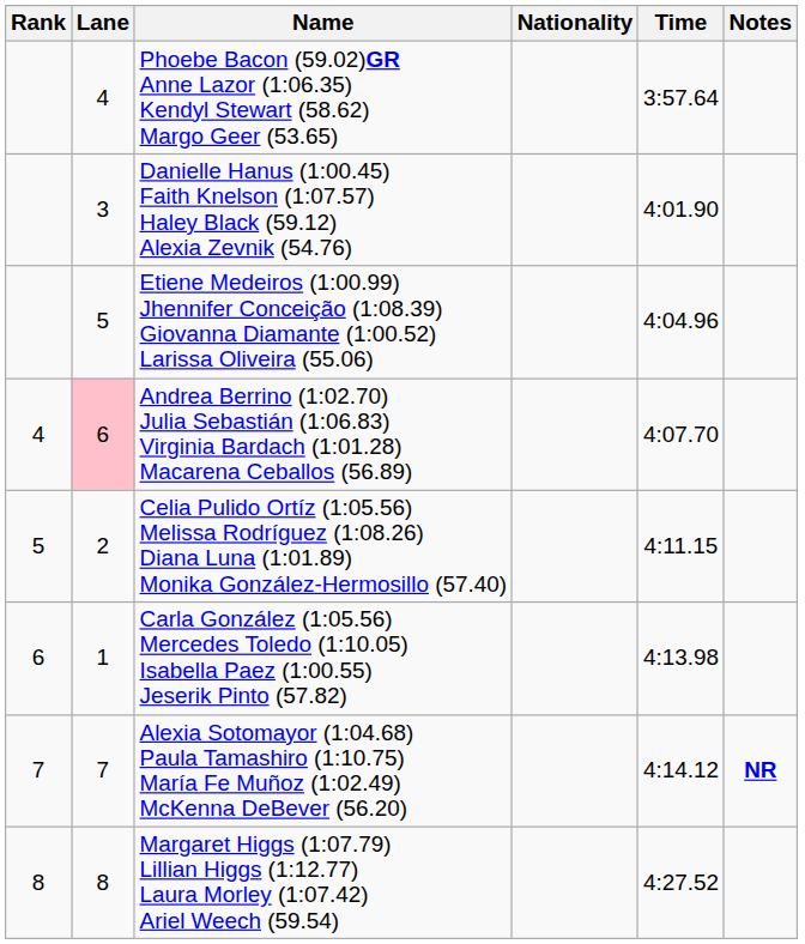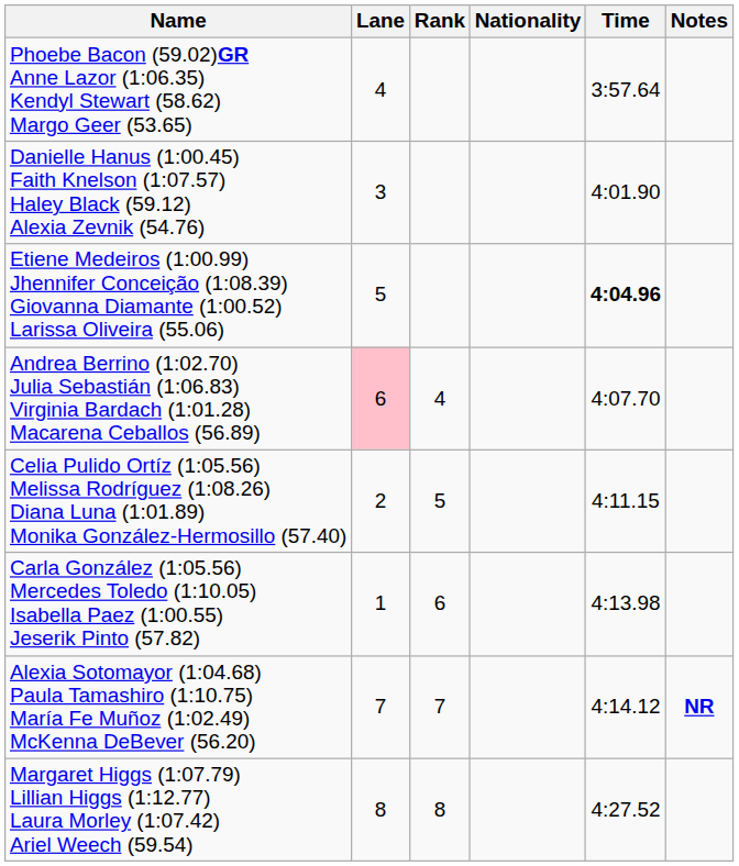 <table class="wikitable sortable" style="text-align:center">
 <tr>
+<th>Name</th>
+<th>Lane</th>
 <th>Rank</th>
-<th>Lane</th>
-<th>Name</th>
 <th>Nationality</th>
 <th>Time</th>
 <th>Notes</th>
 </tr>
 <tr>
+<td align=left><a href='#'>Phoebe Bacon</a> (59.02)<strong><a href='#'>GR</a></strong> <br><a href='#'>Anne Lazor</a> (1:06.35)<br><a href='#'>Kendyl Stewart</a> (58.62)<br><a href='#'>Margo Geer</a> (53.65)</td>
+<td>4</td>
 <td></td>
-<td>4</td>
-<td align=left><a href='#'>Phoebe Bacon</a> (59.02)<strong><a href='#'>GR</a></strong> <br><a href='#'>Anne Lazor</a> (1:06.35)<br><a href='#'>Kendyl Stewart</a> (58.62)<br><a href='#'>Margo Geer</a> (53.65)</td>
 <td align=left></td>
 <td>3:57.64</td>
 <td></td>
 </tr>
 <tr>
+<td align=left><a href='#'>Danielle Hanus</a>  (1:00.45)<br><a href='#'>Faith Knelson</a>  (1:07.57)<br><a href='#'>Haley Black</a>  (59.12)<br><a href='#'>Alexia Zevnik</a>   (54.76)</td>
+<td>3</td>
 <td></td>
-<td>3</td>
-<td align=left><a href='#'>Danielle Hanus</a>  (1:00.45)<br><a href='#'>Faith Knelson</a>  (1:07.57)<br><a href='#'>Haley Black</a>  (59.12)<br><a href='#'>Alexia Zevnik</a>   (54.76)</td>
 <td align=left></td>
 <td>4:01.90</td>
 <td></td>
 </tr>
 <tr>
+<td align=left><a href='#'>Etiene Medeiros</a>  (1:00.99)<br><a href='#'>Jhennifer Conceição</a>  (1:08.39)<br><a href='#'>Giovanna Diamante</a>  (1:00.52)<br><a href='#'>Larissa Oliveira</a>  (55.06)</td>
+<td>5</td>
 <td></td>
-<td>5</td>
-<td align=left><a href='#'>Etiene Medeiros</a>  (1:00.99)<br><a href='#'>Jhennifer Conceição</a>  (1:08.39)<br><a href='#'>Giovanna Diamante</a>  (1:00.52)<br><a href='#'>Larissa Oliveira</a>  (55.06)</td>
 <td align=left></td>
-<td>4:04.96</td>
+<td><strong>4:04.96</strong></td>
 <td></td>
 </tr>
 <tr>
+<td align=left><a href='#'>Andrea Berrino</a>  (1:02.70)<br><a href='#'>Julia Sebastián</a>  (1:06.83)<br><a href='#'>Virginia Bardach</a>  (1:01.28)<br><a href='#'>Macarena Ceballos</a> (56.89)</td>
+<td style="background: pink;">6</td>
 <td>4</td>
-<td style="background: pink;">6</td>
-<td align=left><a href='#'>Andrea Berrino</a>  (1:02.70)<br><a href='#'>Julia Sebastián</a>  (1:06.83)<br><a href='#'>Virginia Bardach</a>  (1:01.28)<br><a href='#'>Macarena Ceballos</a> (56.89)</td>
 <td align=left></td>
 <td>4:07.70</td>
 <td></td>
 </tr>
 <tr>
+<td align=left><a href='#'>Celia Pulido Ortíz</a>  (1:05.56) <br><a href='#'>Melissa Rodríguez</a>  (1:08.26)<br><a href='#'>Diana Luna</a>  (1:01.89)<br><a href='#'>Monika González-Hermosillo</a>  (57.40)</td>
+<td>2</td>
 <td>5</td>
-<td>2</td>
-<td align=left><a href='#'>Celia Pulido Ortíz</a>  (1:05.56) <br><a href='#'>Melissa Rodríguez</a>  (1:08.26)<br><a href='#'>Diana Luna</a>  (1:01.89)<br><a href='#'>Monika González-Hermosillo</a>  (57.40)</td>
 <td align=left></td>
 <td>4:11.15</td>
 <td></td>
 </tr>
 <tr>
+<td align=left><a href='#'>Carla González</a> (1:05.56) <br><a href='#'>Mercedes Toledo</a>  (1:10.05)<br><a href='#'>Isabella Paez</a> (1:00.55)<br><a href='#'>Jeserik Pinto</a>  (57.82)</td>
+<td>1</td>
 <td>6</td>
-<td>1</td>
-<td align=left><a href='#'>Carla González</a> (1:05.56) <br><a href='#'>Mercedes Toledo</a>  (1:10.05)<br><a href='#'>Isabella Paez</a> (1:00.55)<br><a href='#'>Jeserik Pinto</a>  (57.82)</td>
 <td align=left></td>
 <td>4:13.98</td>
 <td></td>
 </tr>
 <tr>
+<td align=left><a href='#'>Alexia Sotomayor</a>  (1:04.68)<br><a href='#'>Paula Tamashiro</a>  (1:10.75)<br><a href='#'>María Fe Muñoz</a>  (1:02.49)<br><a href='#'>McKenna DeBever</a>  (56.20)</td>
 <td>7</td>
 <td>7</td>
-<td align=left><a href='#'>Alexia Sotomayor</a>  (1:04.68)<br><a href='#'>Paula Tamashiro</a>  (1:10.75)<br><a href='#'>María Fe Muñoz</a>  (1:02.49)<br><a href='#'>McKenna DeBever</a>  (56.20)</td>
 <td align=left></td>
 <td>4:14.12</td>
 <td><strong><a href='#'>NR</a></strong></td>
 </tr>
 <tr>
+<td align=left><a href='#'>Margaret Higgs</a>  (1:07.79)<br><a href='#'>Lillian Higgs</a>  (1:12.77)<br><a href='#'>Laura Morley</a>  (1:07.42)<br><a href='#'>Ariel Weech</a> (59.54)</td>
 <td>8</td>
 <td>8</td>
-<td align=left><a href='#'>Margaret Higgs</a>  (1:07.79)<br><a href='#'>Lillian Higgs</a>  (1:12.77)<br><a href='#'>Laura Morley</a>  (1:07.42)<br><a href='#'>Ariel Weech</a> (59.54)</td>
 <td align=left></td>
 <td>4:27.52</td>
 <td></td>
 </tr>
 </table>
